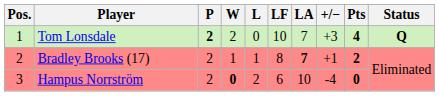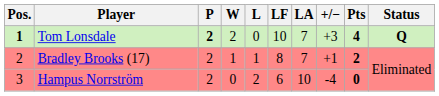 <table class="wikitable" style="text-align:center; margin: 1em auto 1em auto, align:left">
 <tr>
 <th width=20>Pos.</th>
 <th width=185>Player</th>
 <th width=20>P</th>
 <th width=20>W</th>
 <th width=20>L</th>
 <th width=20>LF</th>
 <th width=20>LA</th>
 <th width=25>+/−</th>
 <th width=20>Pts</th>
 <th width=70>Status</th>
 </tr>
 <tr style="background:#D0F0C0;">
-<td>1</td>
+<td><strong>1</strong></td>
 <td align=left> <a href='#'>Tom Lonsdale</a></td>
 <td><strong>2</strong></td>
 <td>2</td>
 <td>0</td>
 <td>10</td>
 <td>7</td>
 <td>+3</td>
 <td><strong>4</strong></td>
 <td rowspan=1><strong>Q</strong></td>
 </tr>
 <tr style="background:#FF8888;">
 <td>2</td>
 <td align=left> <a href='#'>Bradley Brooks</a> (17)</td>
 <td>2</td>
 <td>1</td>
 <td>1</td>
 <td>8</td>
-<td><strong>7</strong></td>
+<td>7</td>
 <td>+1</td>
 <td><strong>2</strong></td>
 <td rowspan=2>Eliminated</td>
 </tr>
 <tr style="background:#FF8888;">
 <td>3</td>
 <td align=left> <a href='#'>Hampus Norrström</a></td>
 <td>2</td>
-<td><strong>0</strong></td>
+<td>0</td>
 <td>2</td>
 <td>6</td>
 <td>10</td>
 <td>-4</td>
 <td><strong>0</strong></td>
 </tr>
 </table>
